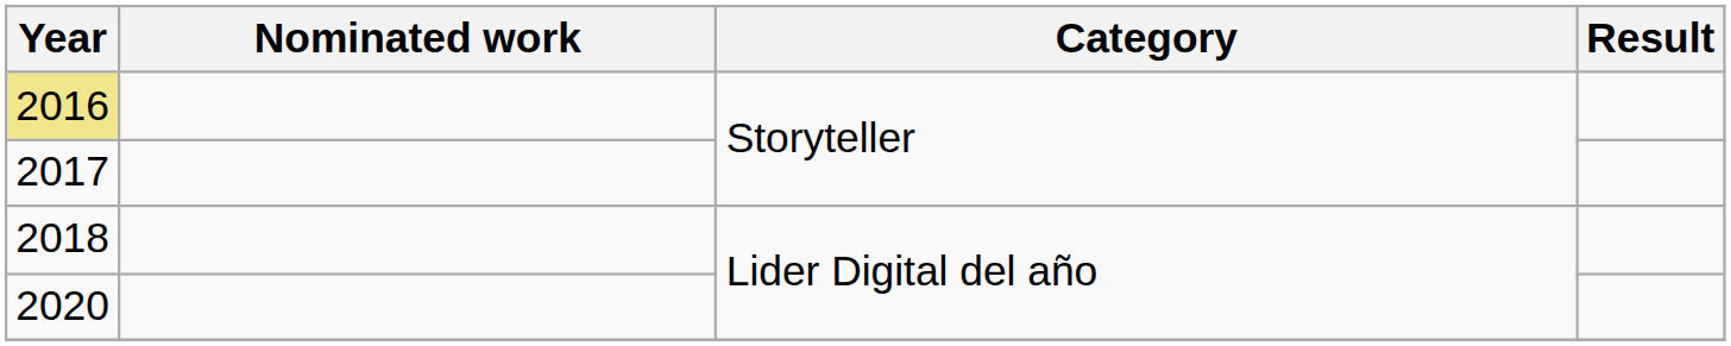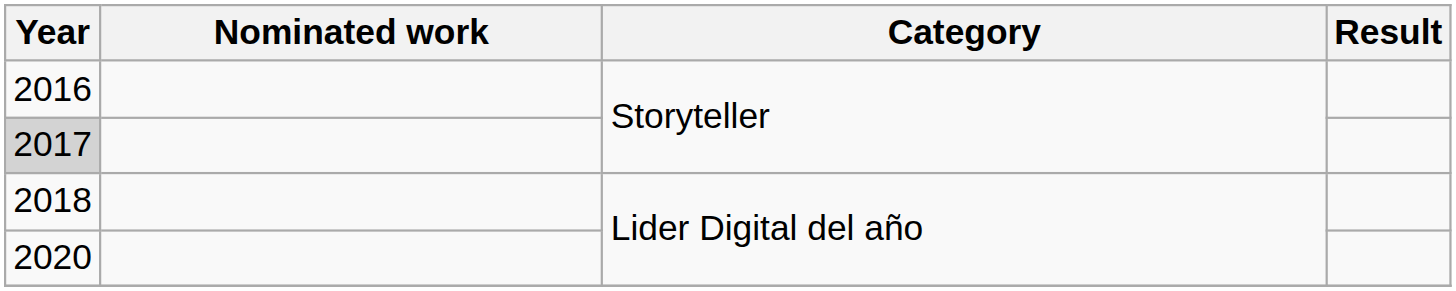 <table class="wikitable">
 <tr>
 <th width="10">Year</th>
 <th width="220">Nominated work</th>
 <th width="320">Category</th>
 <th width="30">Result</th>
 </tr>
 <tr>
-<td style="background: khaki;">2016</td>
+<td>2016</td>
 <td></td>
 <td rowspan="2">Storyteller</td>
 <td></td>
 </tr>
 <tr>
-<td>2017</td>
+<td style="background: lightgrey;">2017</td>
 <td></td>
 <td></td>
 </tr>
 <tr>
 <td>2018</td>
 <td></td>
 <td rowspan="2">Lider Digital del año </td>
 <td></td>
 </tr>
 <tr>
 <td>2020</td>
 <td></td>
 <td></td>
 </tr>
 <tr>
 </tr>
 </table>
